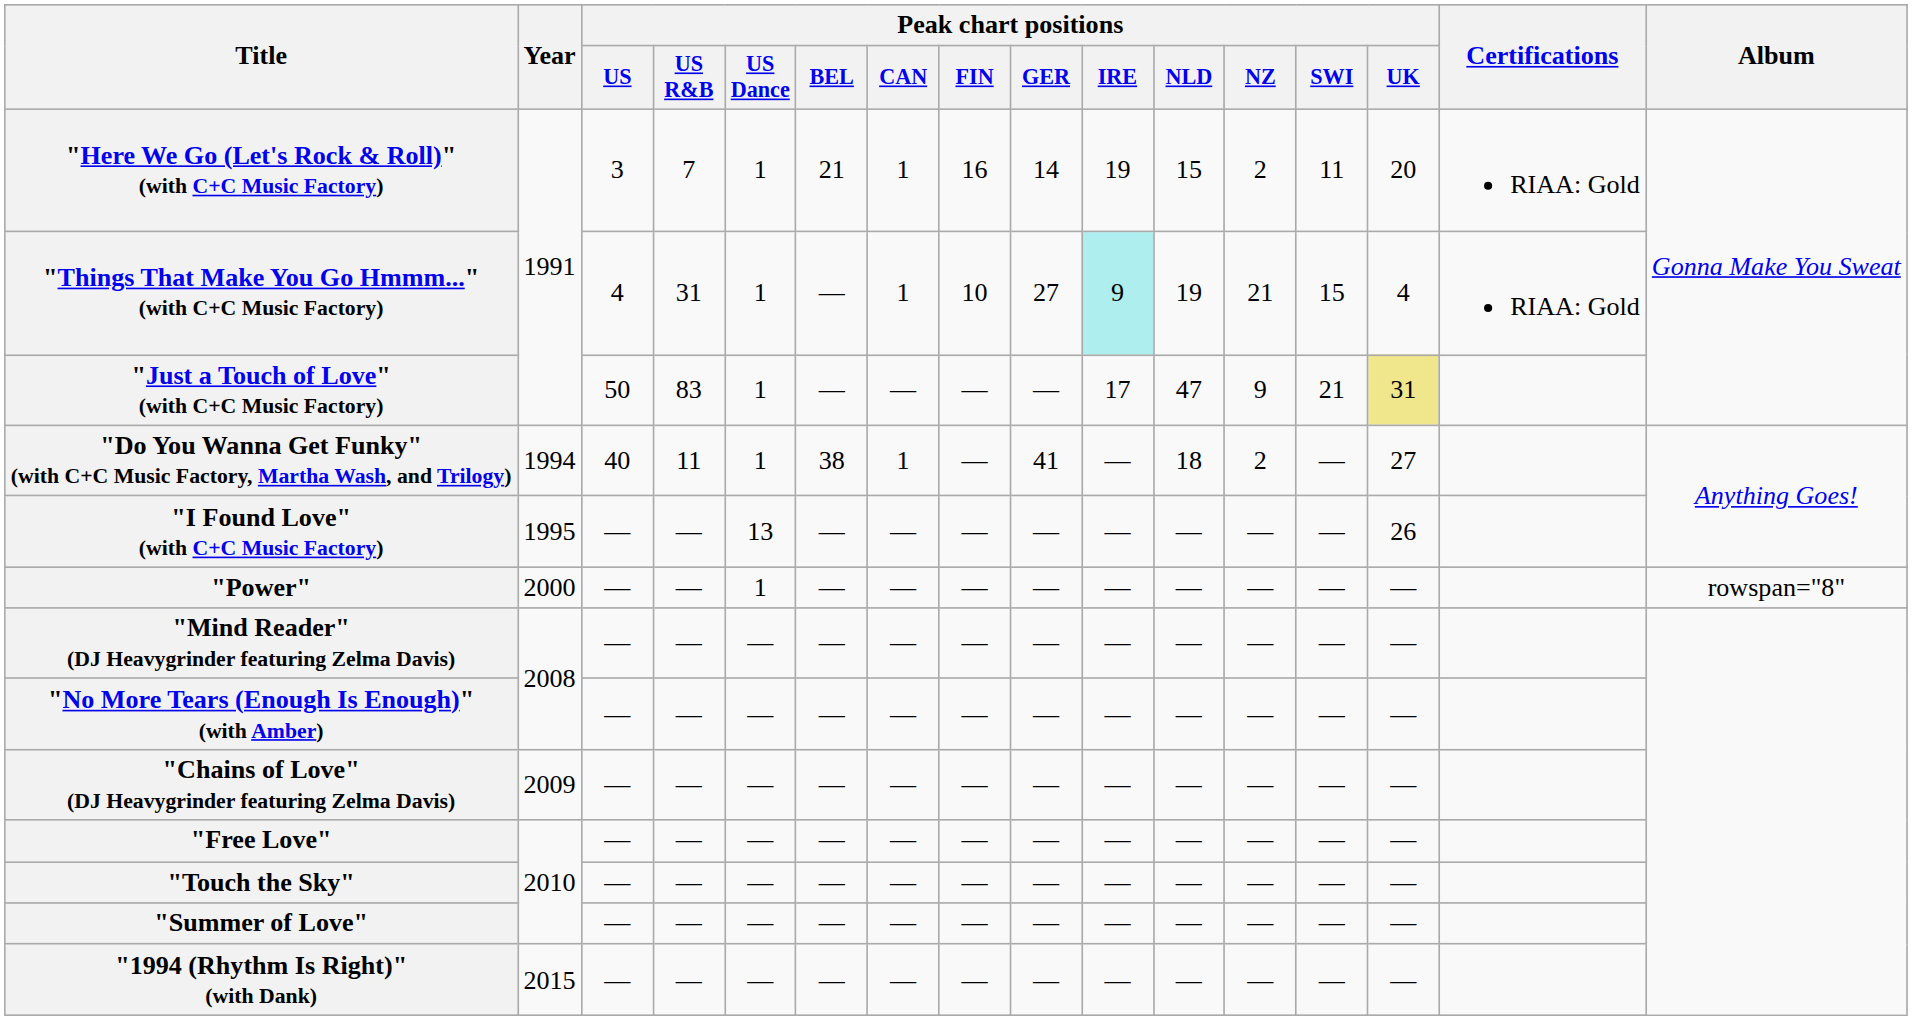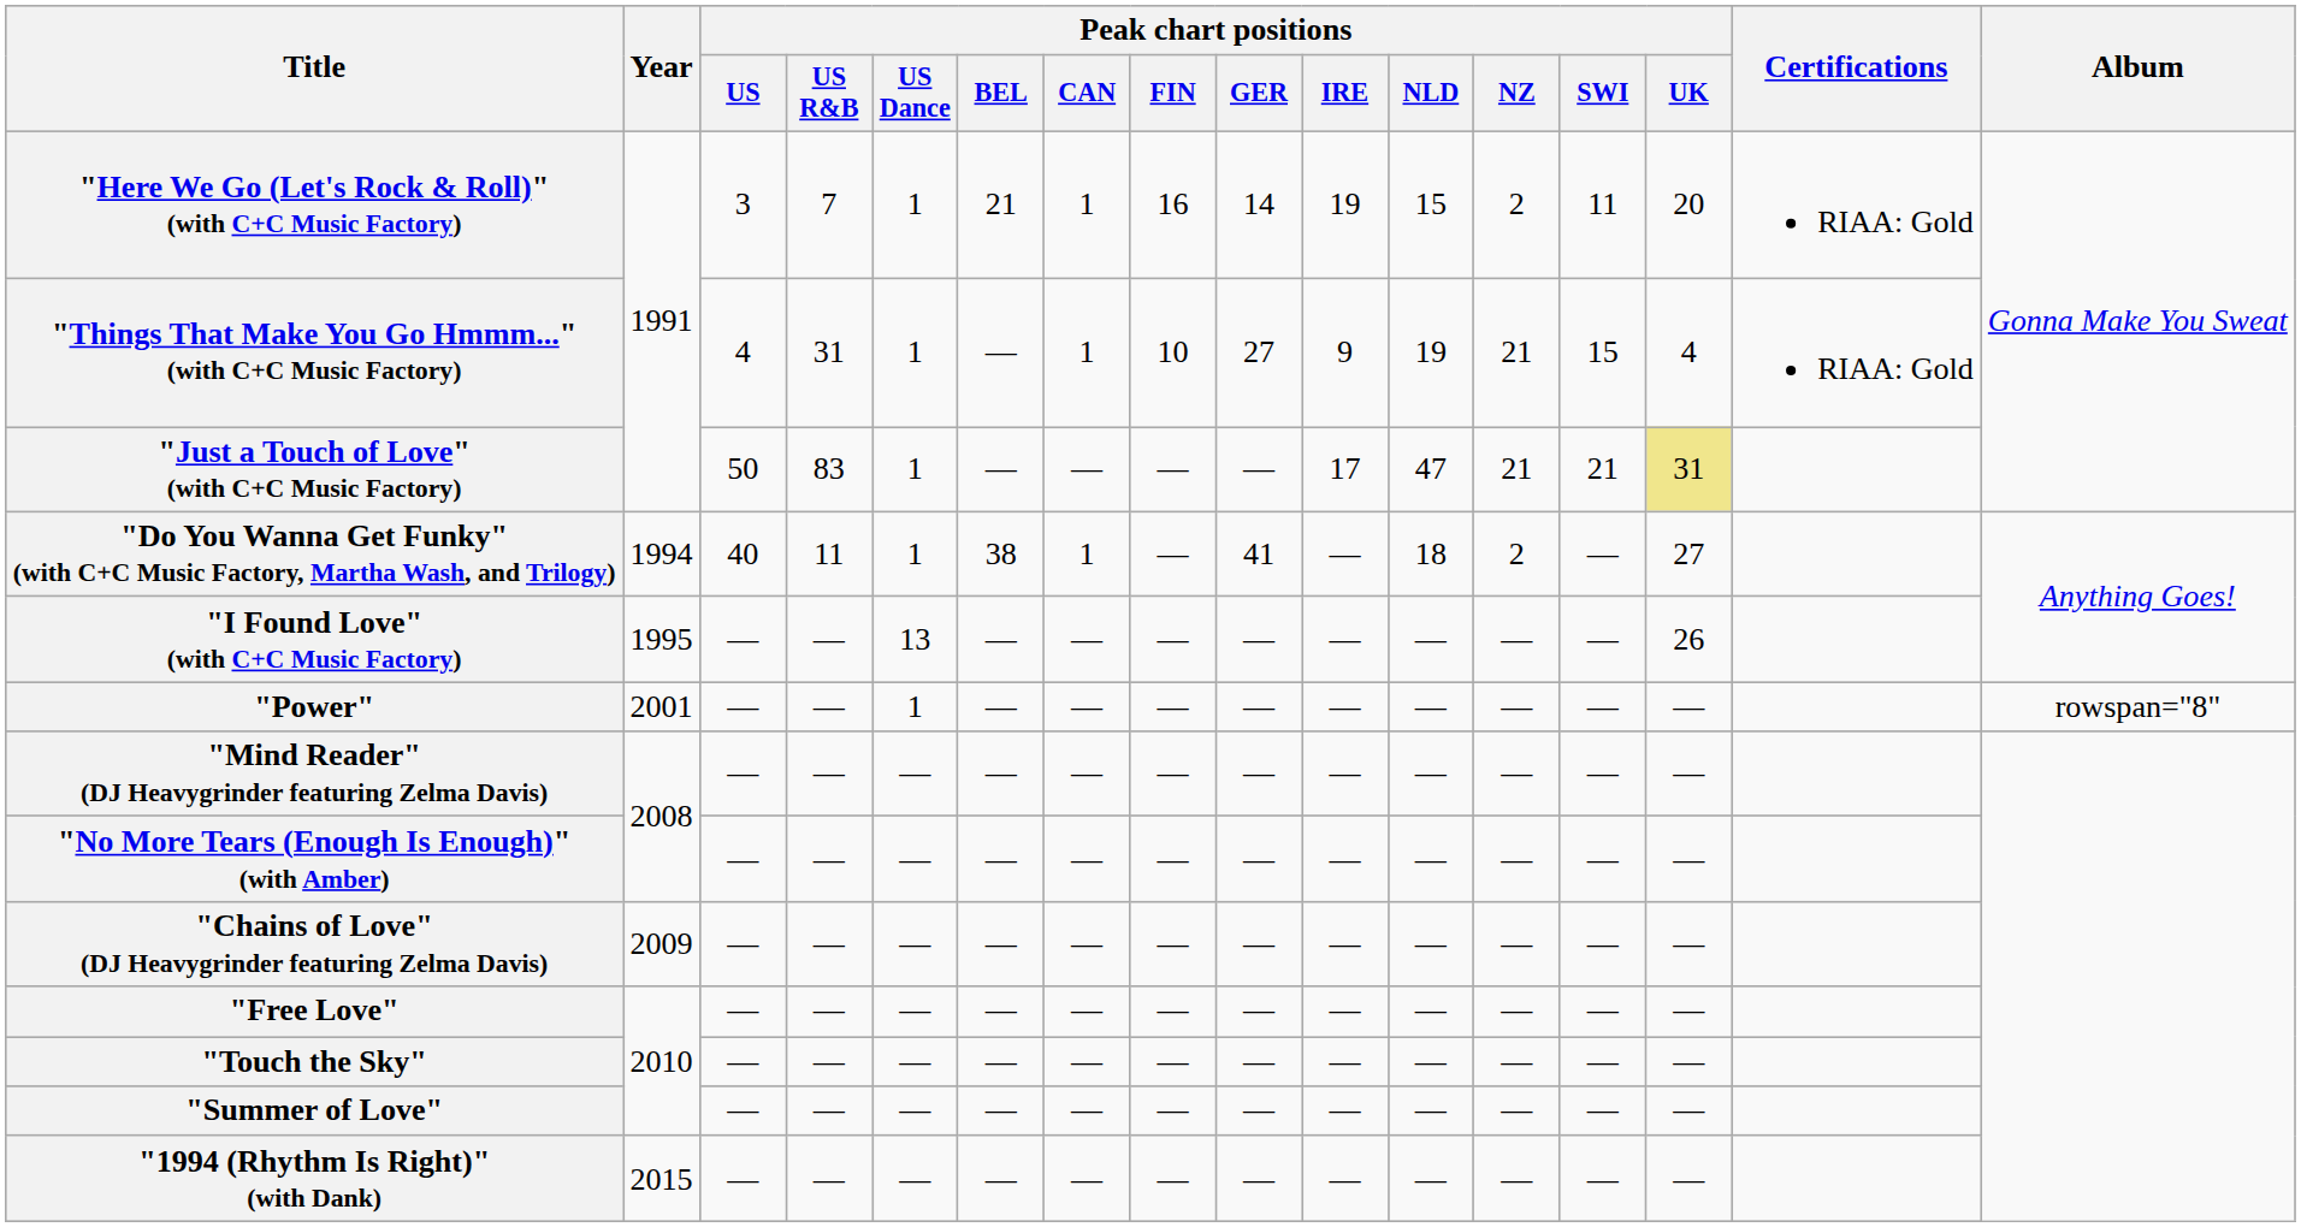 <table class="wikitable plainrowheaders" style="text-align: center;" border="1">
 <tr>
 <th rowspan="2">Title</th>
 <th rowspan="2">Year</th>
 <th colspan="12">Peak chart positions</th>
 <th rowspan="2"><a href='#'>Certifications</a></th>
 <th rowspan="2">Album</th>
 </tr>
 <tr>
 <th scope="col" style="width:2.75em;font-size:85%;"><a href='#'>US</a><br></th>
 <th scope="col" style="width:2.75em;font-size:85%;"><a href='#'>US R&B</a><br></th>
 <th scope="col" style="width:2.75em;font-size:85%;"><a href='#'>US Dance</a><br></th>
 <th scope="col" style="width:2.75em;font-size:85%;"><a href='#'>BEL</a><br></th>
 <th scope="col" style="width:2.75em;font-size:85%;"><a href='#'>CAN</a><br></th>
 <th scope="col" style="width:2.75em;font-size:85%;"><a href='#'>FIN</a><br></th>
 <th scope="col" style="width:2.75em;font-size:85%;"><a href='#'>GER</a><br></th>
 <th scope="col" style="width:2.75em;font-size:85%;"><a href='#'>IRE</a><br></th>
 <th scope="col" style="width:2.75em;font-size:85%;"><a href='#'>NLD</a><br></th>
 <th scope="col" style="width:2.75em;font-size:85%;"><a href='#'>NZ</a><br></th>
 <th scope="col" style="width:2.75em;font-size:85%;"><a href='#'>SWI</a><br></th>
 <th scope="col" style="width:2.75em;font-size:85%;"><a href='#'>UK</a><br></th>
 </tr>
 <tr>
 <th scope="row">"<a href='#'>Here We Go (Let's Rock & Roll)</a>"<br><small>(with <a href='#'>C+C Music Factory</a>)</small></th>
 <td rowspan="3">1991</td>
 <td>3</td>
 <td>7</td>
 <td>1</td>
 <td>21</td>
 <td>1</td>
 <td>16</td>
 <td>14</td>
 <td>19</td>
 <td>15</td>
 <td>2</td>
 <td>11</td>
 <td>20</td>
 <td><br><ul><li>RIAA: Gold</li></ul></td>
 <td rowspan="3"><em><a href='#'>Gonna Make You Sweat</a></em></td>
 </tr>
 <tr>
 <th scope="row">"<a href='#'>Things That Make You Go Hmmm...</a>"<br><small>(with C+C Music Factory)</small></th>
 <td>4</td>
 <td>31</td>
 <td>1</td>
 <td>—</td>
 <td>1</td>
 <td>10</td>
 <td>27</td>
-<td style="background: paleturquoise;">9</td>
+<td>9</td>
 <td>19</td>
 <td>21</td>
 <td>15</td>
 <td>4</td>
 <td><br><ul><li>RIAA: Gold</li></ul></td>
 </tr>
 <tr>
 <th scope="row">"<a href='#'>Just a Touch of Love</a>"<br><small>(with C+C Music Factory)</small></th>
 <td>50</td>
 <td>83</td>
 <td>1</td>
 <td>—</td>
 <td>—</td>
 <td>—</td>
 <td>—</td>
 <td>17</td>
 <td>47</td>
-<td>9</td>
+<td>21</td>
 <td>21</td>
 <td style="background: khaki;">31</td>
 <td></td>
 </tr>
 <tr>
 <th scope="row">"Do You Wanna Get Funky" <br><small>(with C+C Music Factory, <a href='#'>Martha Wash</a>, and <a href='#'>Trilogy</a>)</small></th>
 <td rowspan="1">1994</td>
 <td>40</td>
 <td>11</td>
 <td>1</td>
 <td>38</td>
 <td>1</td>
 <td>—</td>
 <td>41</td>
 <td>—</td>
 <td>18</td>
 <td>2</td>
 <td>—</td>
 <td>27</td>
 <td></td>
 <td rowspan="2"><em><a href='#'>Anything Goes!</a></em></td>
 </tr>
 <tr>
 <th scope="row">"I Found Love"<br><small>(with <a href='#'>C+C Music Factory</a>)</small></th>
 <td rowspan="1">1995</td>
 <td>—</td>
 <td>—</td>
 <td>13</td>
 <td>—</td>
 <td>—</td>
 <td>—</td>
 <td>—</td>
 <td>—</td>
 <td>—</td>
 <td>—</td>
 <td>—</td>
 <td>26</td>
 <td></td>
 </tr>
 <tr>
 <th scope="row">"Power"</th>
-<td rowspan="1">2000</td>
+<td rowspan="1">2001</td>
 <td>—</td>
 <td>—</td>
 <td>1</td>
 <td>—</td>
 <td>—</td>
 <td>—</td>
 <td>—</td>
 <td>—</td>
 <td>—</td>
 <td>—</td>
 <td>—</td>
 <td>—</td>
 <td></td>
 <td>rowspan="8" </td>
 </tr>
 <tr>
 <th scope="row">"Mind Reader"<br><small>(DJ Heavygrinder featuring Zelma Davis)</small></th>
 <td rowspan="2">2008</td>
 <td>—</td>
 <td>—</td>
 <td>—</td>
 <td>—</td>
 <td>—</td>
 <td>—</td>
 <td>—</td>
 <td>—</td>
 <td>—</td>
 <td>—</td>
 <td>—</td>
 <td>—</td>
 <td></td>
 </tr>
 <tr>
 <th scope="row">"<a href='#'>No More Tears (Enough Is Enough)</a>"<br><small>(with <a href='#'>Amber</a>)</small></th>
 <td>—</td>
 <td>—</td>
 <td>—</td>
 <td>—</td>
 <td>—</td>
 <td>—</td>
 <td>—</td>
 <td>—</td>
 <td>—</td>
 <td>—</td>
 <td>—</td>
 <td>—</td>
 <td></td>
 </tr>
 <tr>
 <th scope="row">"Chains of Love"<br><small>(DJ Heavygrinder featuring Zelma Davis)</small></th>
 <td rowspan="1">2009</td>
 <td>—</td>
 <td>—</td>
 <td>—</td>
 <td>—</td>
 <td>—</td>
 <td>—</td>
 <td>—</td>
 <td>—</td>
 <td>—</td>
 <td>—</td>
 <td>—</td>
 <td>—</td>
 <td></td>
 </tr>
 <tr>
 <th scope="row">"Free Love"</th>
 <td rowspan="3">2010</td>
 <td>—</td>
 <td>—</td>
 <td>—</td>
 <td>—</td>
 <td>—</td>
 <td>—</td>
 <td>—</td>
 <td>—</td>
 <td>—</td>
 <td>—</td>
 <td>—</td>
 <td>—</td>
 <td></td>
 </tr>
 <tr>
 <th scope="row">"Touch the Sky"</th>
 <td>—</td>
 <td>—</td>
 <td>—</td>
 <td>—</td>
 <td>—</td>
 <td>—</td>
 <td>—</td>
 <td>—</td>
 <td>—</td>
 <td>—</td>
 <td>—</td>
 <td>—</td>
 <td></td>
 </tr>
 <tr>
 <th scope="row">"Summer of Love"</th>
 <td>—</td>
 <td>—</td>
 <td>—</td>
 <td>—</td>
 <td>—</td>
 <td>—</td>
 <td>—</td>
 <td>—</td>
 <td>—</td>
 <td>—</td>
 <td>—</td>
 <td>—</td>
 <td></td>
 </tr>
 <tr>
 <th scope="row">"1994 (Rhythm Is Right)"<br><small>(with Dank)</small></th>
 <td rowspan="1">2015</td>
 <td>—</td>
 <td>—</td>
 <td>—</td>
 <td>—</td>
 <td>—</td>
 <td>—</td>
 <td>—</td>
 <td>—</td>
 <td>—</td>
 <td>—</td>
 <td>—</td>
 <td>—</td>
 <td></td>
 </tr>
 <tr>
 </tr>
 </table>
